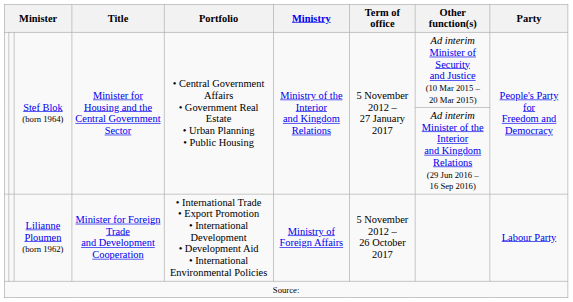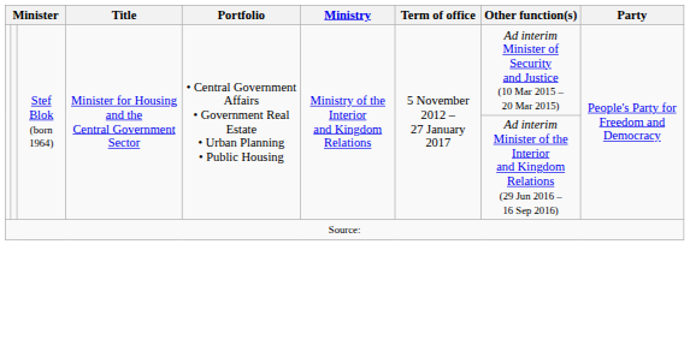 <table class="wikitable" style="text-align:center">
 <tr>
 <th colspan=3>Minister</th>
 <th>Title</th>
 <th>Portfolio</th>
 <th><a href='#'>Ministry</a></th>
 <th>Term of office</th>
 <th>Other function(s)</th>
 <th>Party</th>
 </tr>
 <tr>
 <td rowspan=2 style="background:"></td>
 <td rowspan=2></td>
 <td rowspan=2><a href='#'>Stef Blok</a> <br> <small>(born 1964)</small></td>
 <td rowspan=2><a href='#'>Minister for Housing and the <br> Central Government Sector</a></td>
 <td rowspan=2>• Central Government Affairs <br> • Government Real Estate <br> • Urban Planning <br> • Public Housing</td>
 <td rowspan=2><a href='#'>Ministry of the Interior <br> and Kingdom Relations</a></td>
 <td rowspan=2>5 November 2012 – <br> 27 January 2017 <br> </td>
 <td><em>Ad interim</em> <br> <a href='#'>Minister of Security <br> and Justice</a> <br> <small>(10 Mar 2015 – <br> 20 Mar 2015)</small></td>
 <td rowspan=2><a href='#'>People's Party for <br> Freedom and Democracy</a></td>
 </tr>
 <tr>
 <td><em>Ad interim</em> <br> <a href='#'>Minister of the Interior <br> and Kingdom Relations</a> <br> <small>(29 Jun 2016 – <br> 16 Sep 2016)</small></td>
 </tr>
 <tr>
-<td style="background:"></td>
-<td></td>
-<td><a href='#'>Lilianne Ploumen</a> <br> <small>(born 1962)</small></td>
-<td><a href='#'>Minister for Foreign Trade <br>  and Development Cooperation</a></td>
-<td>• International Trade <br> • Export Promotion <br> • International Development <br> • Development Aid <br> • International Environmental Policies</td>
-<td><a href='#'>Ministry of Foreign Affairs</a></td>
-<td>5 November 2012 – <br> 26 October 2017</td>
-<td></td>
-<td><a href='#'>Labour Party</a></td>
-</tr>
-<tr>
 <td colspan=9><small>Source:</small></td>
 </tr>
 </table>
